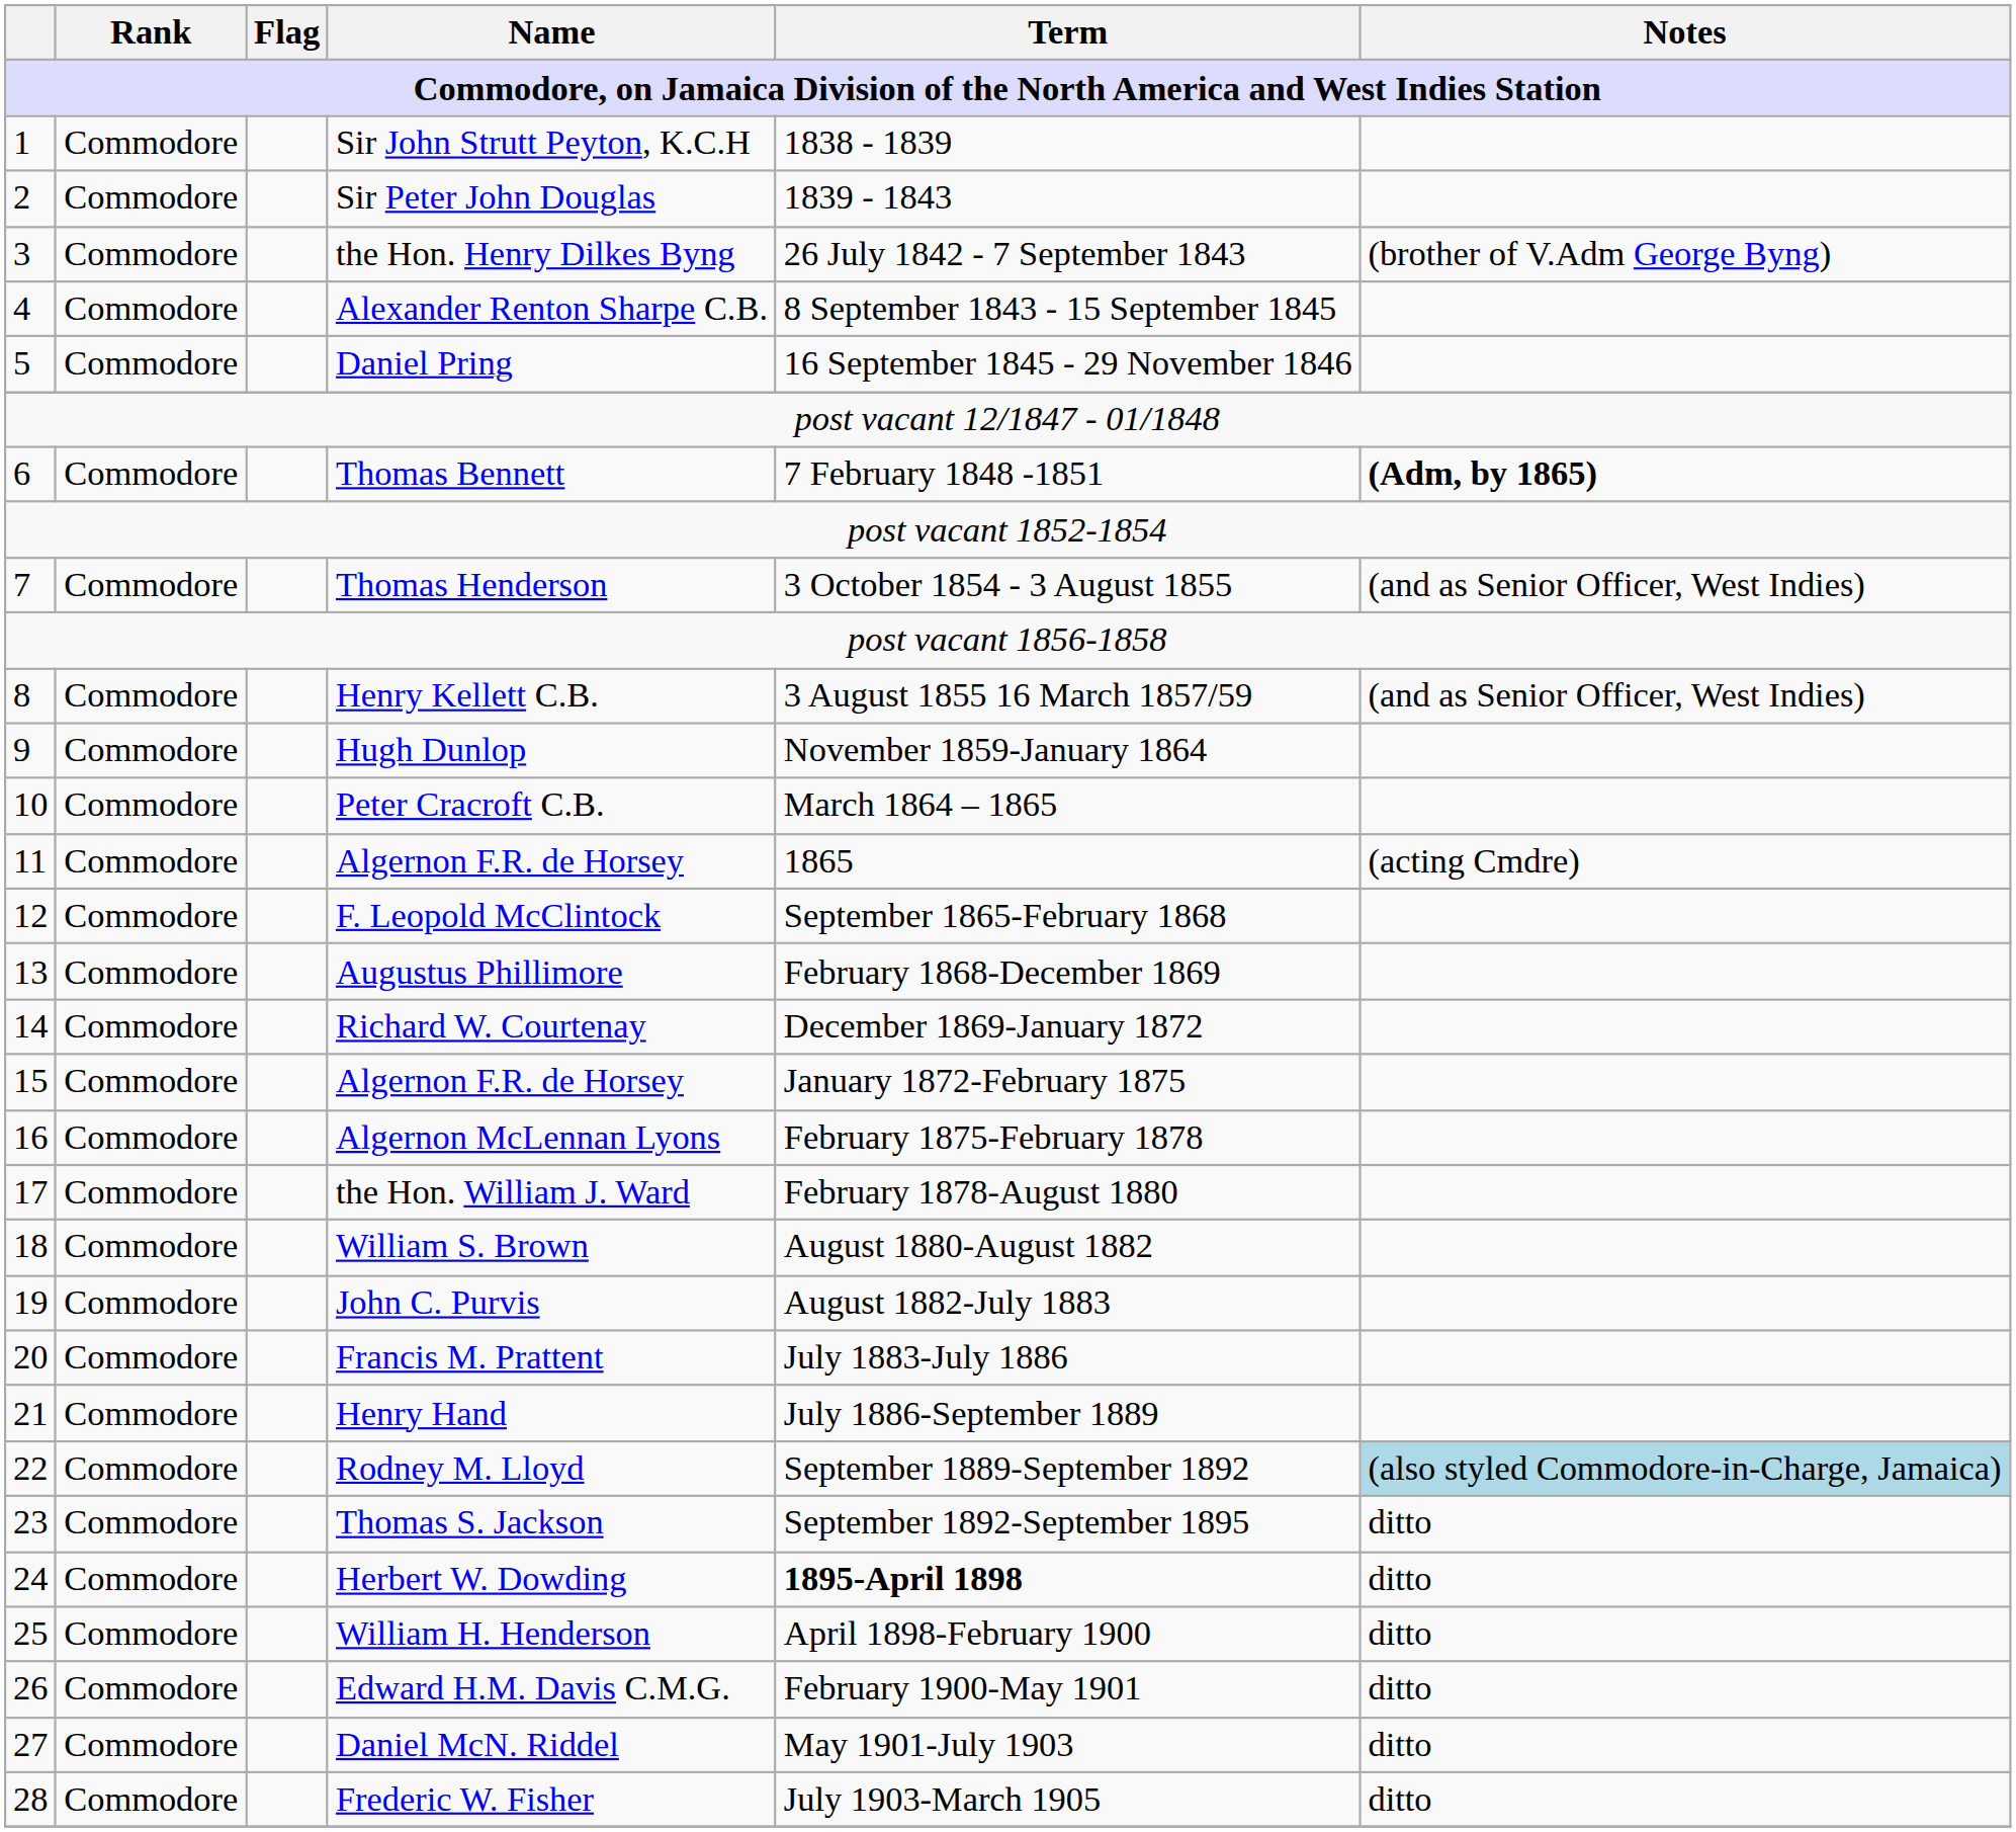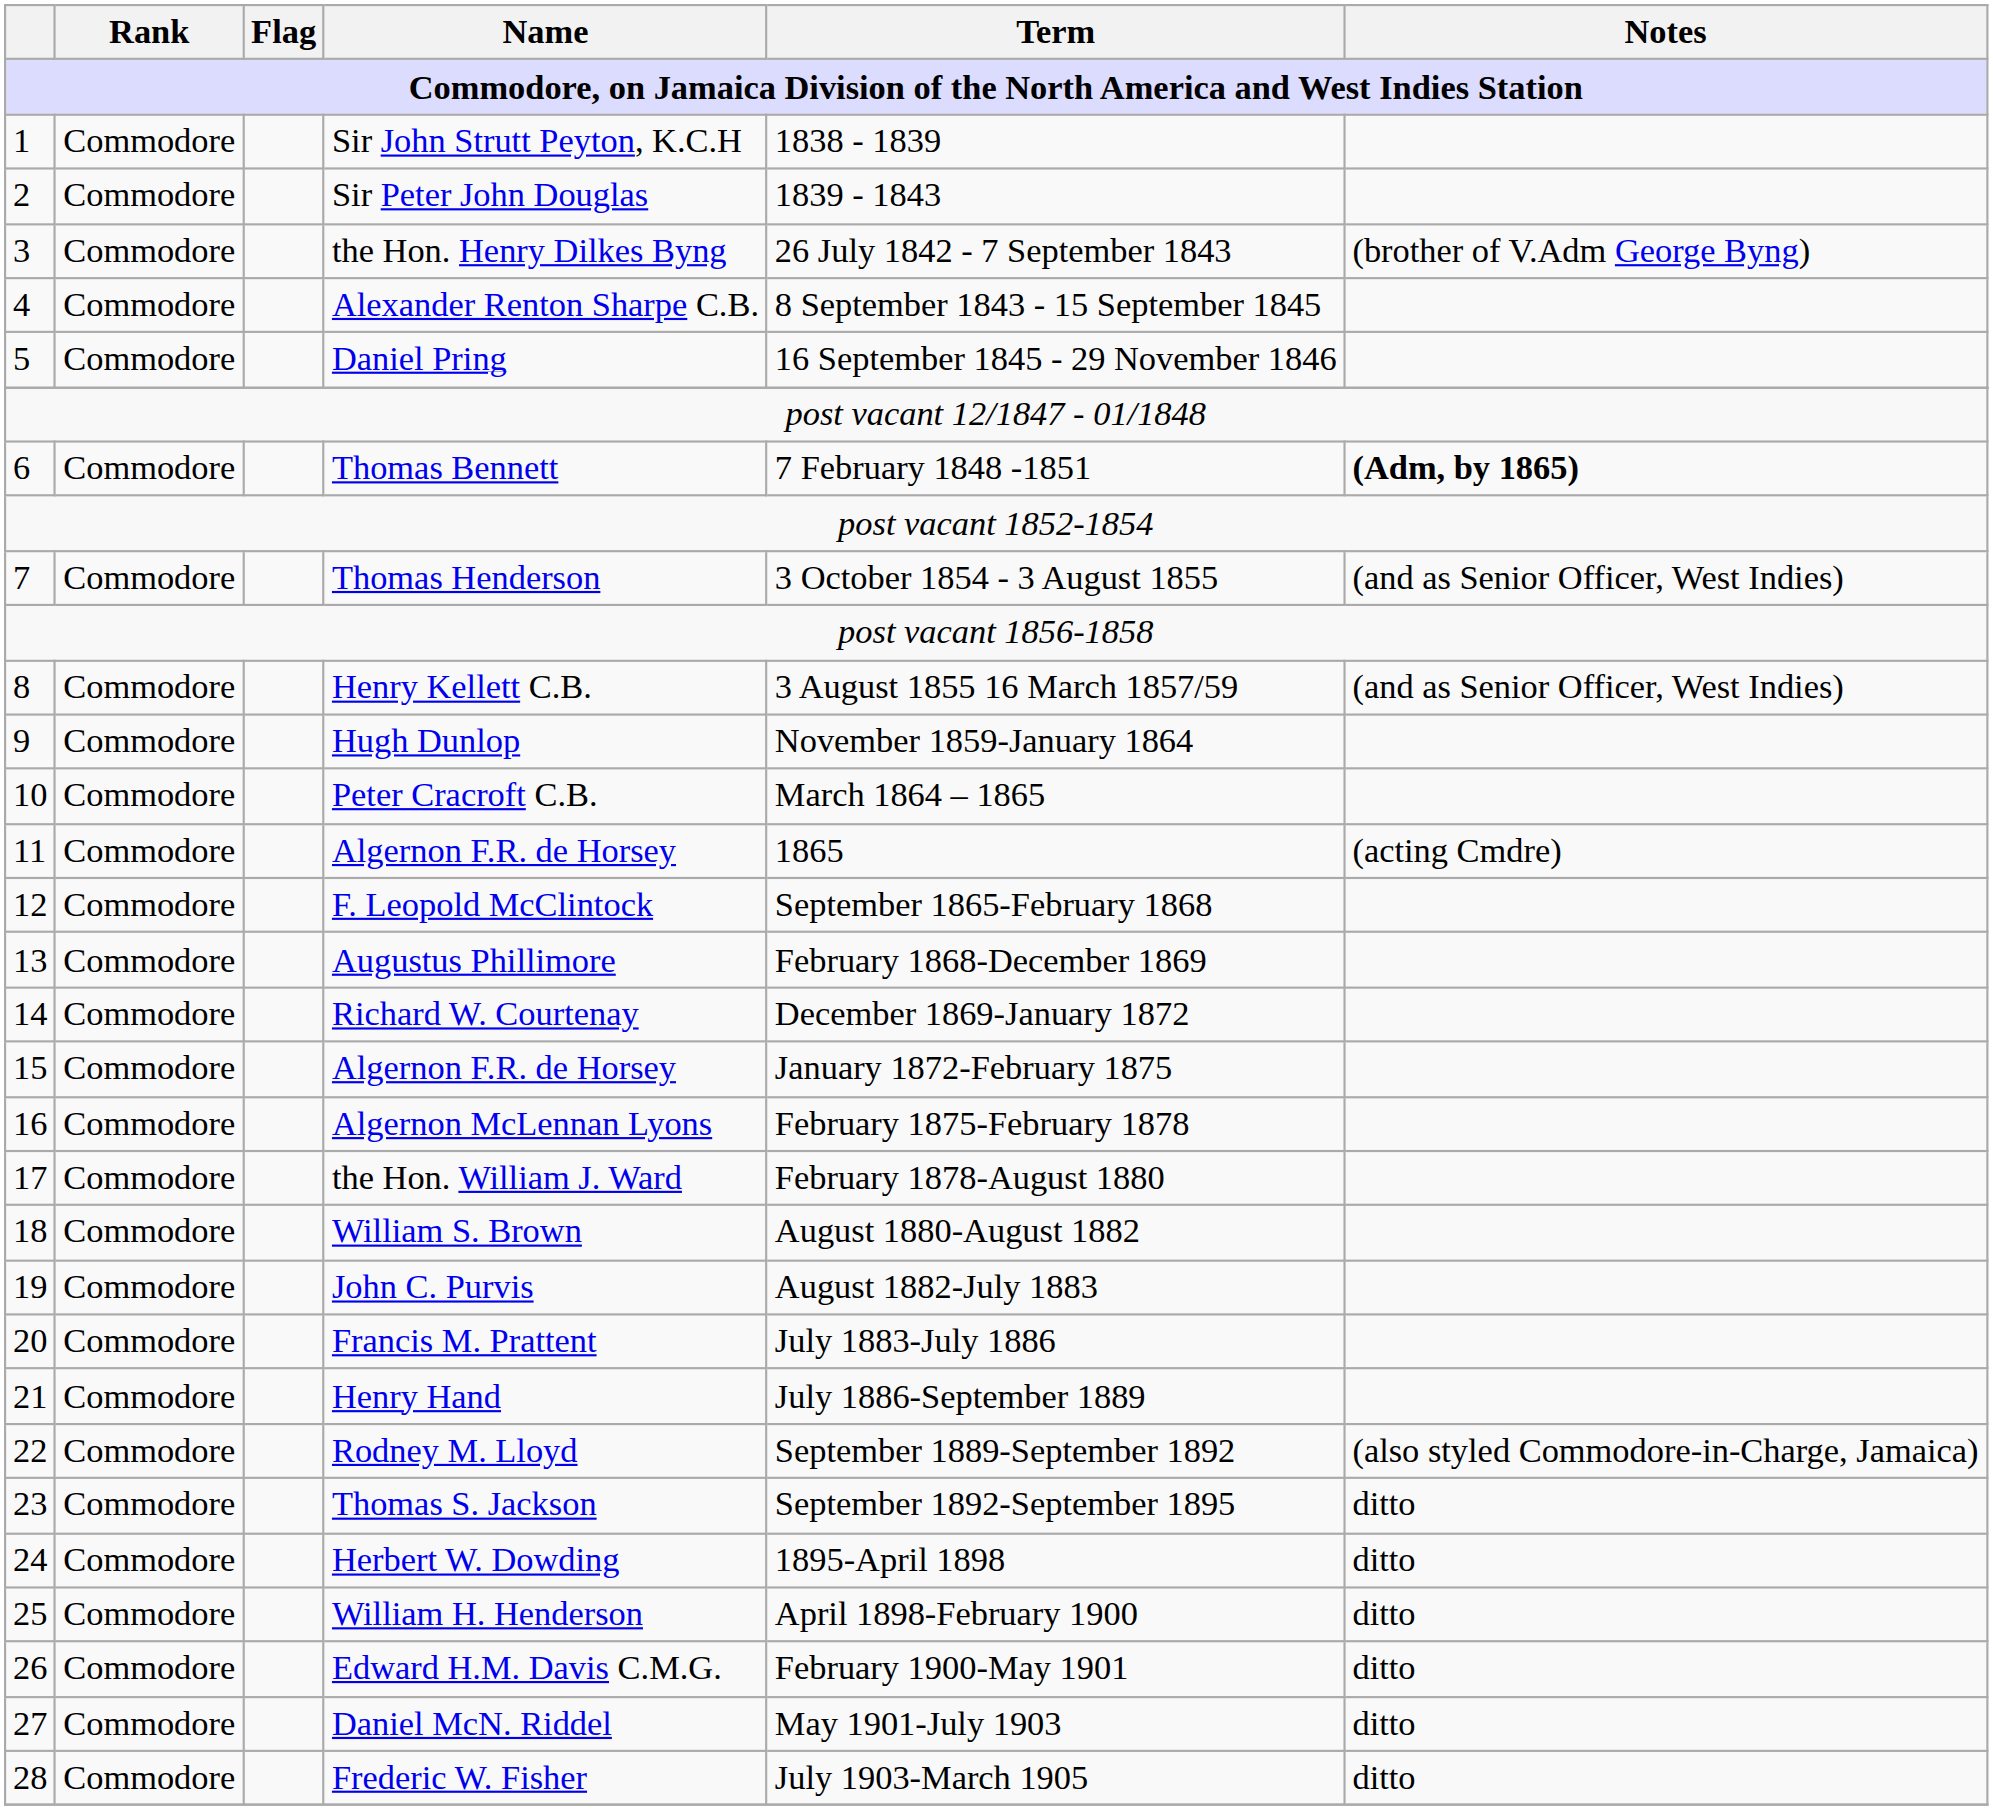 <table class="wikitable">
 <tr>
 <th></th>
 <th>Rank</th>
 <th>Flag</th>
 <th>Name</th>
 <th>Term</th>
 <th>Notes</th>
 </tr>
 <tr>
 <td colspan="6" align="center" style="background:#dcdcfe;"><strong>Commodore, on Jamaica Division of the North America and West Indies Station </strong></td>
 </tr>
 <tr>
 <td>1</td>
 <td>Commodore</td>
 <td></td>
 <td>Sir <a href='#'>John Strutt Peyton</a>, K.C.H</td>
 <td>1838 - 1839</td>
 <td></td>
 </tr>
 <tr>
 <td>2</td>
 <td>Commodore</td>
 <td></td>
 <td>Sir <a href='#'>Peter John Douglas</a></td>
 <td>1839 - 1843</td>
 <td></td>
 </tr>
 <tr>
 <td>3</td>
 <td>Commodore</td>
 <td></td>
 <td>the Hon. <a href='#'>Henry Dilkes Byng</a></td>
 <td>26 July 1842 - 7 September 1843</td>
 <td>(brother of V.Adm <a href='#'>George Byng</a>)</td>
 </tr>
 <tr>
 <td>4</td>
 <td>Commodore</td>
 <td></td>
 <td><a href='#'>Alexander Renton Sharpe</a> C.B.</td>
 <td>8 September 1843 - 15 September 1845</td>
 <td></td>
 </tr>
 <tr>
 <td>5</td>
 <td>Commodore</td>
 <td></td>
 <td><a href='#'>Daniel Pring</a></td>
 <td>16 September 1845 - 29 November 1846</td>
 <td></td>
 </tr>
 <tr>
 </tr>
 <tr style=background-color:#F8F8F8>
 <td colspan=6 align=center><em>post vacant  12/1847 - 01/1848</em></td>
 </tr>
 <tr>
 <td>6</td>
 <td>Commodore</td>
 <td></td>
 <td><a href='#'>Thomas Bennett</a></td>
 <td>7 February 1848 -1851</td>
 <td><strong>(Adm, by 1865)</strong></td>
 </tr>
 <tr style=background-color:#F8F8F8>
 <td colspan=6 align=center><em>post vacant  1852-1854</em></td>
 </tr>
 <tr>
 <td>7</td>
 <td>Commodore</td>
 <td></td>
 <td><a href='#'>Thomas Henderson</a></td>
 <td>3 October 1854 - 3 August 1855</td>
 <td>(and as Senior Officer, West Indies)</td>
 </tr>
 <tr style=background-color:#F8F8F8>
 <td colspan=6 align=center><em>post vacant  1856-1858</em></td>
 </tr>
 <tr>
 <td>8</td>
 <td>Commodore</td>
 <td></td>
 <td><a href='#'>Henry Kellett</a> C.B.</td>
 <td>3 August 1855	16 March 1857/59</td>
 <td>(and as Senior Officer, West Indies)</td>
 </tr>
 <tr>
 <td>9</td>
 <td>Commodore</td>
 <td></td>
 <td><a href='#'>Hugh Dunlop</a></td>
 <td>November 1859-January 1864</td>
 <td></td>
 </tr>
 <tr>
 <td>10</td>
 <td>Commodore</td>
 <td></td>
 <td><a href='#'>Peter Cracroft</a> C.B.</td>
 <td>March 1864 – 1865</td>
 <td></td>
 </tr>
 <tr>
 <td>11</td>
 <td>Commodore</td>
 <td></td>
 <td><a href='#'>Algernon F.R. de Horsey</a></td>
 <td>1865</td>
 <td>(acting Cmdre)</td>
 </tr>
 <tr>
 <td>12</td>
 <td>Commodore</td>
 <td></td>
 <td><a href='#'>F. Leopold McClintock</a></td>
 <td>September 1865-February 1868</td>
 <td></td>
 </tr>
 <tr>
 <td>13</td>
 <td>Commodore</td>
 <td></td>
 <td><a href='#'>Augustus Phillimore</a></td>
 <td>February 1868-December 1869</td>
 <td></td>
 </tr>
 <tr>
 <td>14</td>
 <td>Commodore</td>
 <td></td>
 <td><a href='#'>Richard W. Courtenay</a></td>
 <td>December 1869-January 1872</td>
 <td></td>
 </tr>
 <tr>
 <td>15</td>
 <td>Commodore</td>
 <td></td>
 <td><a href='#'>Algernon F.R. de Horsey</a></td>
 <td>January 1872-February 1875</td>
 <td></td>
 </tr>
 <tr>
 <td>16</td>
 <td>Commodore</td>
 <td></td>
 <td><a href='#'>Algernon McLennan Lyons</a></td>
 <td>February 1875-February 1878</td>
 <td></td>
 </tr>
 <tr>
 <td>17</td>
 <td>Commodore</td>
 <td></td>
 <td>the Hon. <a href='#'>William J. Ward</a></td>
 <td>February 1878-August 1880</td>
 <td></td>
 </tr>
 <tr>
 <td>18</td>
 <td>Commodore</td>
 <td></td>
 <td><a href='#'>William S. Brown</a></td>
 <td>August 1880-August 1882</td>
 <td></td>
 </tr>
 <tr>
 <td>19</td>
 <td>Commodore</td>
 <td></td>
 <td><a href='#'>John C. Purvis</a></td>
 <td>August 1882-July 1883</td>
 <td></td>
 </tr>
 <tr>
 <td>20</td>
 <td>Commodore</td>
 <td></td>
 <td><a href='#'>Francis M. Prattent</a></td>
 <td>July 1883-July 1886</td>
 <td></td>
 </tr>
 <tr>
 <td>21</td>
 <td>Commodore</td>
 <td></td>
 <td><a href='#'>Henry Hand</a></td>
 <td>July 1886-September 1889</td>
 <td></td>
 </tr>
 <tr>
 <td>22</td>
 <td>Commodore</td>
 <td></td>
 <td><a href='#'>Rodney M. Lloyd</a></td>
 <td>September 1889-September 1892</td>
-<td style="background: lightblue;">(also styled Commodore-in-Charge, Jamaica)</td>
+<td>(also styled Commodore-in-Charge, Jamaica)</td>
 </tr>
 <tr>
 <td>23</td>
 <td>Commodore</td>
 <td></td>
 <td><a href='#'>Thomas S. Jackson</a></td>
 <td>September 1892-September 1895</td>
 <td>ditto</td>
 </tr>
 <tr>
 <td>24</td>
 <td>Commodore</td>
 <td></td>
 <td><a href='#'>Herbert W. Dowding</a></td>
-<td><strong>1895-April 1898</strong></td>
+<td>1895-April 1898</td>
 <td>ditto</td>
 </tr>
 <tr>
 <td>25</td>
 <td>Commodore</td>
 <td></td>
 <td><a href='#'>William H. Henderson</a></td>
 <td>April 1898-February 1900</td>
 <td>ditto</td>
 </tr>
 <tr>
 <td>26</td>
 <td>Commodore</td>
 <td></td>
 <td><a href='#'>Edward H.M. Davis</a> C.M.G.</td>
 <td>February 1900-May 1901</td>
 <td>ditto</td>
 </tr>
 <tr>
 <td>27</td>
 <td>Commodore</td>
 <td></td>
 <td><a href='#'>Daniel McN. Riddel</a></td>
 <td>May 1901-July 1903</td>
 <td>ditto</td>
 </tr>
 <tr>
 <td>28</td>
 <td>Commodore</td>
 <td></td>
 <td><a href='#'>Frederic W. Fisher</a></td>
 <td>July 1903-March 1905</td>
 <td>ditto</td>
 </tr>
 <tr>
 </tr>
 </table>
